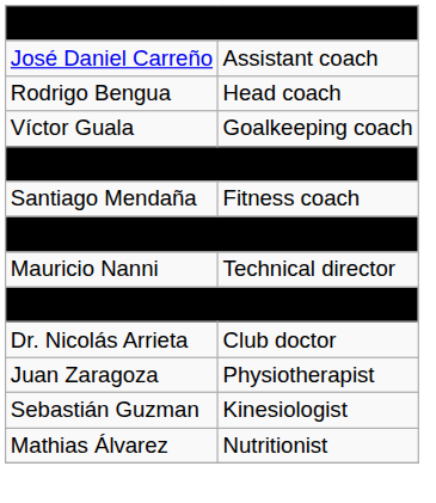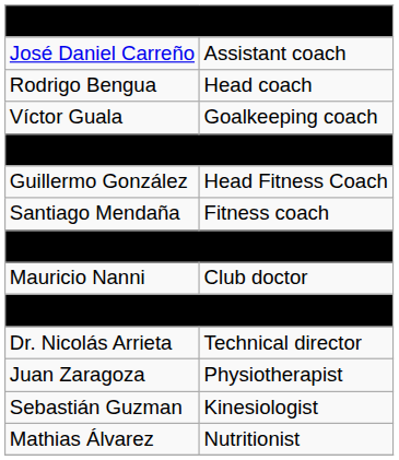 <table class="wikitable">
 <tr>
 <th colspan="2" style="background:black;"><span>Coaching staff</span></th>
 </tr>
 <tr>
 <td> <a href='#'>José Daniel Carreño</a></td>
 <td>Assistant coach</td>
 </tr>
 <tr>
 <td> Rodrigo Bengua</td>
 <td>Head coach</td>
 </tr>
 <tr>
 <td> Víctor Guala</td>
 <td>Goalkeeping coach</td>
 </tr>
 <tr>
 <th colspan="2" style="background:black;"><span>Fitness coaches</span></th>
 </tr>
 <tr>
+<td> Guillermo González</td>
+<td>Head Fitness Coach</td>
+</tr>
+<tr>
 <td> Santiago Mendaña</td>
 <td>Fitness coach</td>
 </tr>
 <tr>
 <th colspan="2" style="background:black;"><span>Sport management</span></th>
 </tr>
 <tr>
 <td> Mauricio Nanni</td>
-<td>Technical director</td>
+<td>Club doctor</td>
 </tr>
 <tr>
 <th colspan="2" style="background:black;"><span>Medical department</span></th>
 </tr>
 <tr>
 <td> Dr. Nicolás Arrieta</td>
-<td>Club doctor</td>
+<td>Technical director</td>
 </tr>
 <tr>
 <td> Juan Zaragoza</td>
 <td>Physiotherapist</td>
 </tr>
 <tr>
 <td> Sebastián Guzman</td>
 <td>Kinesiologist</td>
 </tr>
 <tr>
 <td> Mathias Álvarez</td>
 <td>Nutritionist</td>
 </tr>
 <tr>
 </tr>
 </table>
